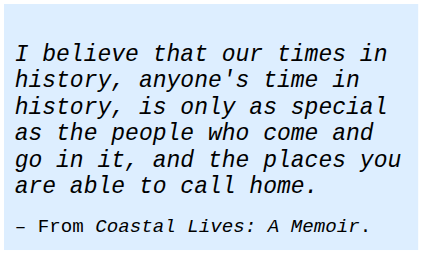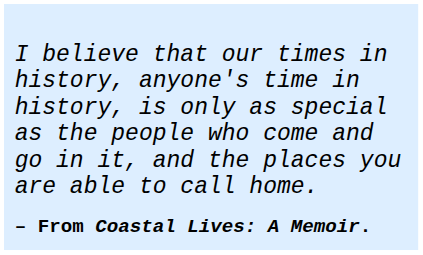 <table class="toccolours" style="float: left; margin-left: 1em; margin-right: 1em; font-size: 100%; background:#ddeeff; color:black; width:18em; max-width: 25%;" cellspacing="5">
 <tr>
 <td style="text-align: left;"><br><em>I believe that our times in history, anyone's time in history, is only as special as the people who come and go in it, and the places you are able to call home.</em></td>
 </tr>
 <tr>
-<td style="text-align: left;"><small> – From <em>Coastal Lives: A Memoir</em>.</small></td>
+<td style="text-align: left;"><strong><small> – From <em>Coastal Lives: A Memoir</em>.</small></strong></td>
 </tr>
 </table>
